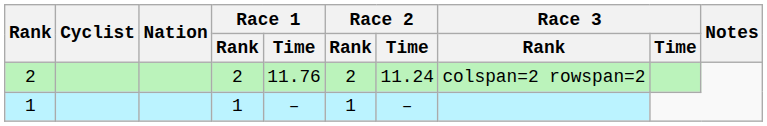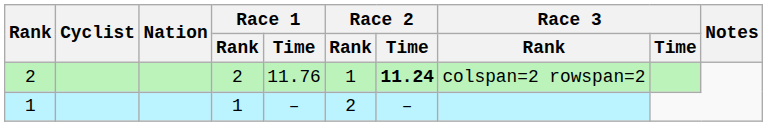 <table class="wikitable sortable" style="text-align:center">
 <tr>
 <th rowspan=2>Rank</th>
 <th rowspan=2>Cyclist</th>
 <th rowspan=2>Nation</th>
 <th colspan=2>Race 1</th>
 <th colspan=2>Race 2</th>
 <th colspan=2>Race 3</th>
 <th rowspan=2>Notes</th>
 </tr>
 <tr>
 <th>Rank</th>
 <th>Time</th>
 <th>Rank</th>
 <th>Time</th>
 <th>Rank</th>
 <th>Time</th>
 </tr>
 <tr bgcolor=bbf3bb>
 <td>2</td>
 <td align=left></td>
 <td align=left></td>
 <td>2</td>
 <td>11.76</td>
-<td>2</td>
-<td>11.24</td>
+<td>1</td>
+<td><strong>11.24</strong></td>
 <td>colspan=2 rowspan=2 </td>
 <td></td>
 </tr>
 <tr bgcolor=bbf3ff>
 <td>1</td>
 <td align=left></td>
 <td align=left></td>
 <td>1</td>
 <td>–</td>
-<td>1</td>
+<td>2</td>
 <td>–</td>
 <td></td>
 </tr>
 </table>
